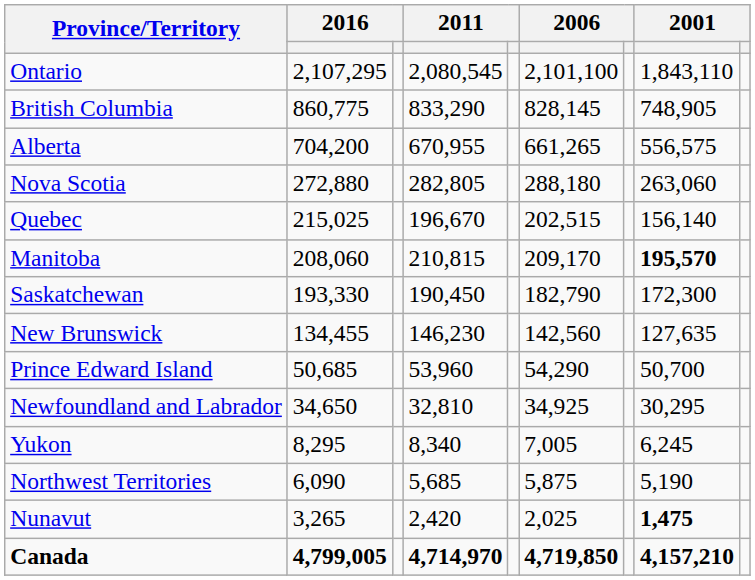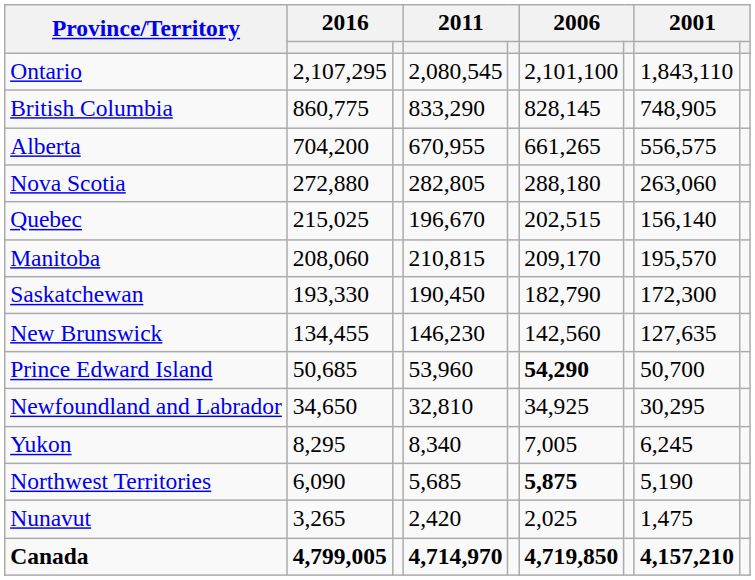 <table class="wikitable sortable">
 <tr>
 <th rowspan="2"><a href='#'>Province/Territory</a></th>
 <th colspan="2">2016</th>
 <th colspan="2">2011</th>
 <th colspan="2">2006</th>
 <th colspan="2">2001</th>
 </tr>
 <tr>
 <th><a href='#'></a></th>
 <th></th>
 <th></th>
 <th></th>
 <th></th>
 <th></th>
 <th></th>
 <th></th>
 </tr>
 <tr>
 <td> <a href='#'>Ontario</a></td>
 <td>2,107,295</td>
 <td></td>
 <td>2,080,545</td>
 <td></td>
 <td>2,101,100</td>
 <td></td>
 <td>1,843,110</td>
 <td></td>
 </tr>
 <tr>
 <td> <a href='#'>British Columbia</a></td>
 <td>860,775</td>
 <td></td>
 <td>833,290</td>
 <td></td>
 <td>828,145</td>
 <td></td>
 <td>748,905</td>
 <td></td>
 </tr>
 <tr>
 <td> <a href='#'>Alberta</a></td>
 <td>704,200</td>
 <td></td>
 <td>670,955</td>
 <td></td>
 <td>661,265</td>
 <td></td>
 <td>556,575</td>
 <td></td>
 </tr>
 <tr>
 <td> <a href='#'>Nova Scotia</a></td>
 <td>272,880</td>
 <td></td>
 <td>282,805</td>
 <td></td>
 <td>288,180</td>
 <td></td>
 <td>263,060</td>
 <td></td>
 </tr>
 <tr>
 <td> <a href='#'>Quebec</a></td>
 <td>215,025</td>
 <td></td>
 <td>196,670</td>
 <td></td>
 <td>202,515</td>
 <td></td>
 <td>156,140</td>
 <td></td>
 </tr>
 <tr>
 <td> <a href='#'>Manitoba</a></td>
 <td>208,060</td>
 <td></td>
 <td>210,815</td>
 <td></td>
 <td>209,170</td>
 <td></td>
-<td><strong>195,570</strong></td>
+<td>195,570</td>
 <td></td>
 </tr>
 <tr>
 <td> <a href='#'>Saskatchewan</a></td>
 <td>193,330</td>
 <td></td>
 <td>190,450</td>
 <td></td>
 <td>182,790</td>
 <td></td>
 <td>172,300</td>
 <td></td>
 </tr>
 <tr>
 <td> <a href='#'>New Brunswick</a></td>
 <td>134,455</td>
 <td></td>
 <td>146,230</td>
 <td></td>
 <td>142,560</td>
 <td></td>
 <td>127,635</td>
 <td></td>
 </tr>
 <tr>
 <td> <a href='#'>Prince Edward Island</a></td>
 <td>50,685</td>
 <td></td>
 <td>53,960</td>
 <td></td>
-<td>54,290</td>
+<td><strong>54,290</strong></td>
 <td></td>
 <td>50,700</td>
 <td></td>
 </tr>
 <tr>
 <td> <a href='#'>Newfoundland and Labrador</a></td>
 <td>34,650</td>
 <td></td>
 <td>32,810</td>
 <td></td>
 <td>34,925</td>
 <td></td>
 <td>30,295</td>
 <td></td>
 </tr>
 <tr>
 <td> <a href='#'>Yukon</a></td>
 <td>8,295</td>
 <td></td>
 <td>8,340</td>
 <td></td>
 <td>7,005</td>
 <td></td>
 <td>6,245</td>
 <td></td>
 </tr>
 <tr>
 <td> <a href='#'>Northwest Territories</a></td>
 <td>6,090</td>
 <td></td>
 <td>5,685</td>
 <td></td>
-<td>5,875</td>
+<td><strong>5,875</strong></td>
 <td></td>
 <td>5,190</td>
 <td></td>
 </tr>
 <tr>
 <td> <a href='#'>Nunavut</a></td>
 <td>3,265</td>
 <td></td>
 <td>2,420</td>
 <td></td>
 <td>2,025</td>
 <td></td>
-<td><strong>1,475</strong></td>
+<td>1,475</td>
 <td></td>
 </tr>
 <tr>
 <td> <strong>Canada</strong></td>
 <td><strong>4,799,005</strong></td>
 <td><strong></strong></td>
 <td><strong>4,714,970</strong></td>
 <td><strong></strong></td>
 <td><strong>4,719,850</strong></td>
 <td><strong></strong></td>
 <td><strong>4,157,210</strong></td>
 <td><strong></strong></td>
 </tr>
 </table>
